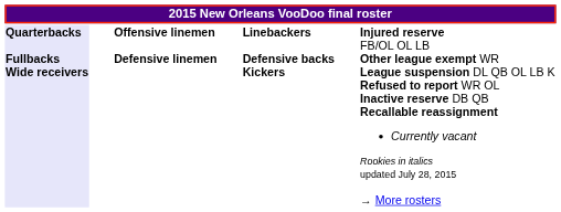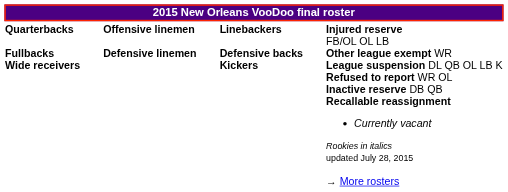 <table class="toccolours" style="text-align: left;">
 <tr>
 <th colspan=7 style="background:#4B0082; border: 2px solid #FF2400; color:white; text-align:center;"><strong>2015 New Orleans VooDoo final roster</strong></th>
 </tr>
 <tr>
-<td style="background: lavender; font-size: 95%;vertical-align:top;"><strong>Quarterbacks</strong><br> <br><strong>Fullbacks</strong> <br><strong>Wide receivers</strong>     </td>
+<td style="font-size: 95%;vertical-align:top;"><strong>Quarterbacks</strong><br> <br><strong>Fullbacks</strong> <br><strong>Wide receivers</strong>     </td>
 <td style="width: 25px;"></td>
 <td style="font-size: 95%;vertical-align:top;"><strong>Offensive linemen</strong><br>  <br><strong>Defensive linemen</strong>      </td>
 <td style="width: 25px;"></td>
 <td style="font-size: 95%;vertical-align:top;"><strong>Linebackers</strong><br><br><strong>Defensive backs</strong>    <br><strong>Kickers</strong> </td>
 <td style="width: 25px;"></td>
 <td style="font-size: 95%;vertical-align:top;"><strong>Injured reserve</strong><br> FB/OL  OL  LB<br><strong>Other league exempt</strong>  WR<br><strong>League suspension</strong>   DL    QB  OL  LB  K     <br><strong>Refused to report</strong>  WR  OL<br><strong>Inactive reserve</strong>  DB  QB<br><strong>Recallable reassignment</strong><ul><li><em>Currently vacant</em></li></ul><small><em>Rookies in italics</em><br><span></span> updated July 28, 2015</small><br> <br>→ <a href='#'>More rosters</a></td>
 </tr>
 <tr>
 </tr>
 </table>
